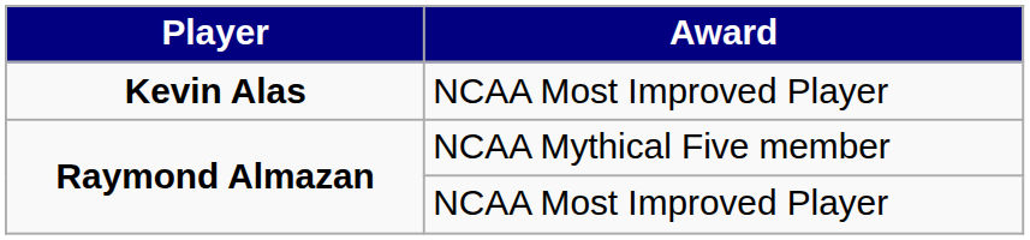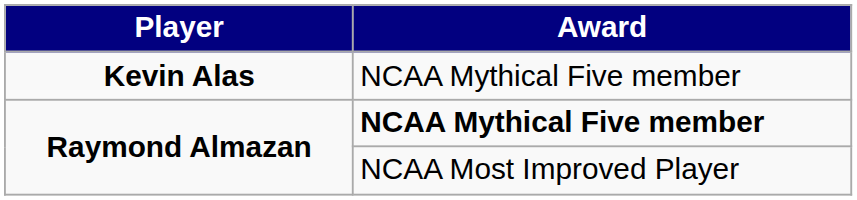 <table class="wikitable" style="text-align: left">
 <tr>
 <th style="color: white; background-color: #020080; width:180px">Player</th>
 <th style="color: white; background-color: #020080; width:260px">Award</th>
 </tr>
 <tr>
 <td style="text-align:center;"><strong>Kevin Alas</strong></td>
-<td>NCAA Most Improved Player</td>
+<td>NCAA Mythical Five member</td>
 </tr>
 <tr>
 <td rowspan="2" style="text-align:center;"><strong>Raymond Almazan</strong></td>
-<td>NCAA Mythical Five member</td>
+<td><strong>NCAA Mythical Five member</strong></td>
 </tr>
 <tr>
 <td>NCAA Most Improved Player</td>
 </tr>
 </table>
